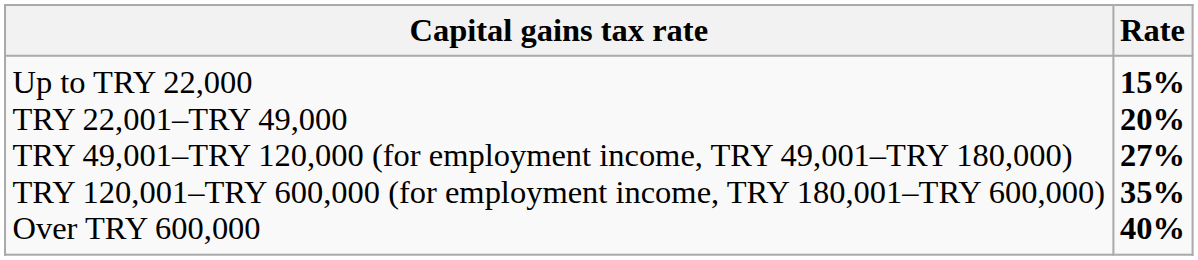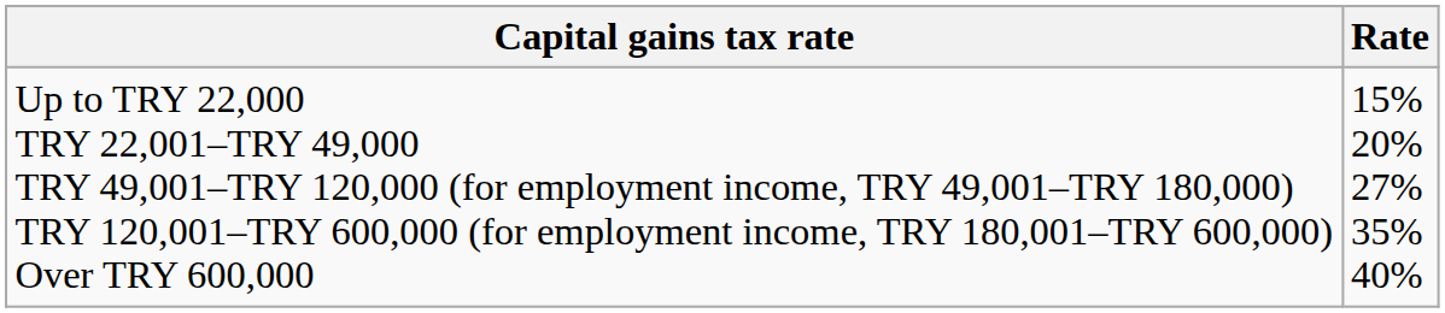 <table class="wikitable">
 <tr>
 <th>Capital gains tax rate</th>
 <th>Rate</th>
 </tr>
 <tr>
 <td>Up to TRY 22,000<br>TRY 22,001–TRY 49,000<br>TRY 49,001–TRY 120,000 (for employment income, TRY 49,001–TRY 180,000)<br>TRY 120,001–TRY 600,000 (for employment income, TRY 180,001–TRY 600,000)<br>Over TRY 600,000</td>
-<td><strong>15%<br>20%<br>27%<br>35%<br>40%</strong></td>
+<td>15%<br>20%<br>27%<br>35%<br>40%</td>
 </tr>
 </table>
